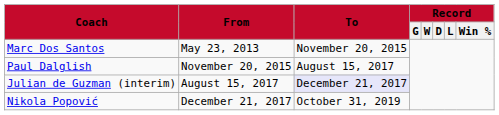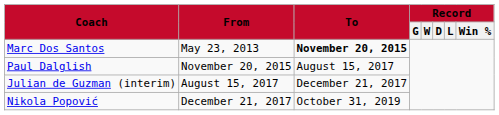 <table class="wikitable" style="text-align: center">
 <tr>
 <th style="background:#C50A2C; color:#000000;" scope="col" rowspan="2">Coach</th>
 <th style="background:#C50A2C; color:#000000;" scope="col" rowspan="2">From</th>
 <th style="background:#C50A2C; color:#000000;" scope="col" rowspan="2">To</th>
 <th colspan="5" style="background:#C50A2C; color:#000000;" scope="col">Record</th>
 </tr>
 <tr>
 <th>G</th>
 <th>W</th>
 <th>D</th>
 <th>L</th>
 <th>Win %</th>
 </tr>
 <tr>
 <td style="text-align: left"> <a href='#'>Marc Dos Santos</a></td>
 <td style="text-align: left">May 23, 2013</td>
-<td style="text-align: left">November 20, 2015<br></td>
+<td style="text-align: left"><strong>November 20, 2015<br></strong></td>
 </tr>
 <tr>
 <td style="text-align: left"> <a href='#'>Paul Dalglish</a></td>
 <td style="text-align: left">November 20, 2015</td>
 <td style="text-align: left">August 15, 2017<br></td>
 </tr>
 <tr>
 <td style="text-align: left"> <a href='#'>Julian de Guzman</a> (interim)</td>
 <td style="text-align: left">August 15, 2017</td>
-<td style="background: lavender; text-align: left">December 21, 2017<br></td>
+<td style="text-align: left">December 21, 2017<br></td>
 </tr>
 <tr>
 <td style="text-align: left"> <a href='#'>Nikola Popović</a></td>
 <td style="text-align: left">December 21, 2017</td>
 <td style="text-align: left">October 31, 2019<br></td>
 </tr>
 </table>
